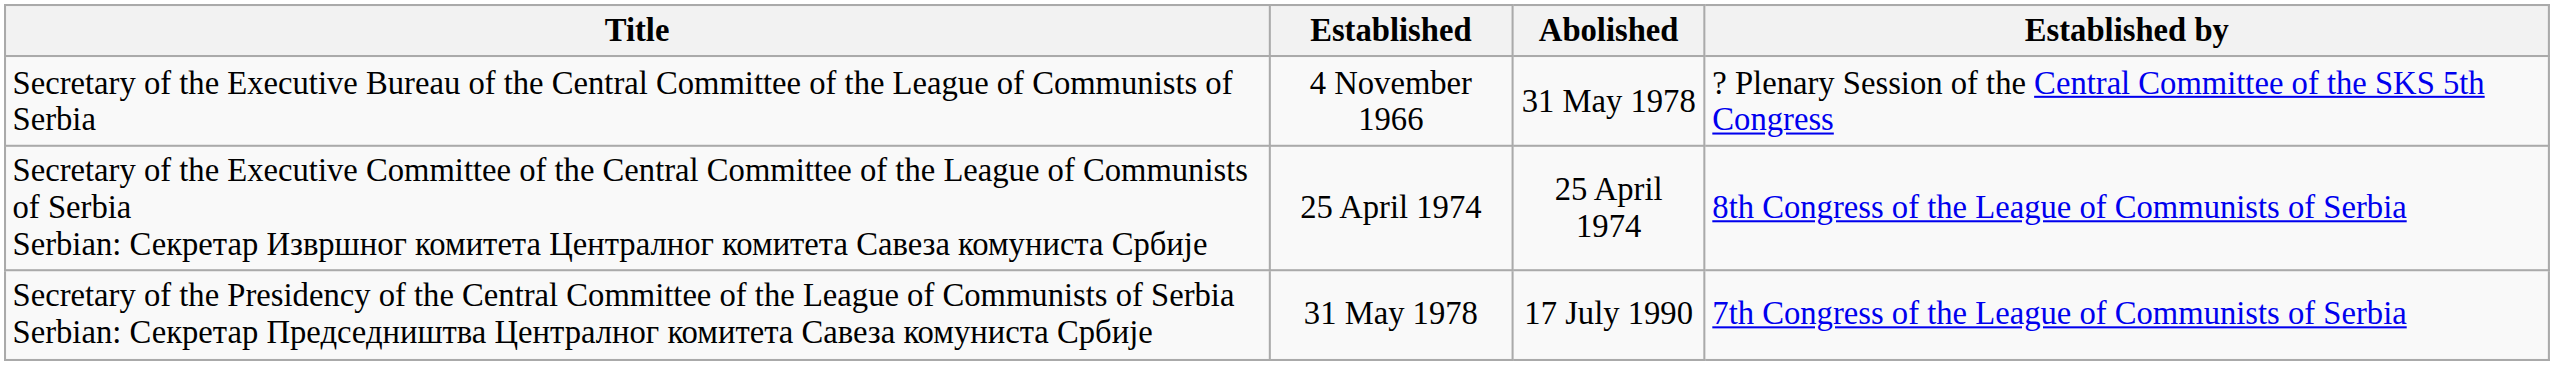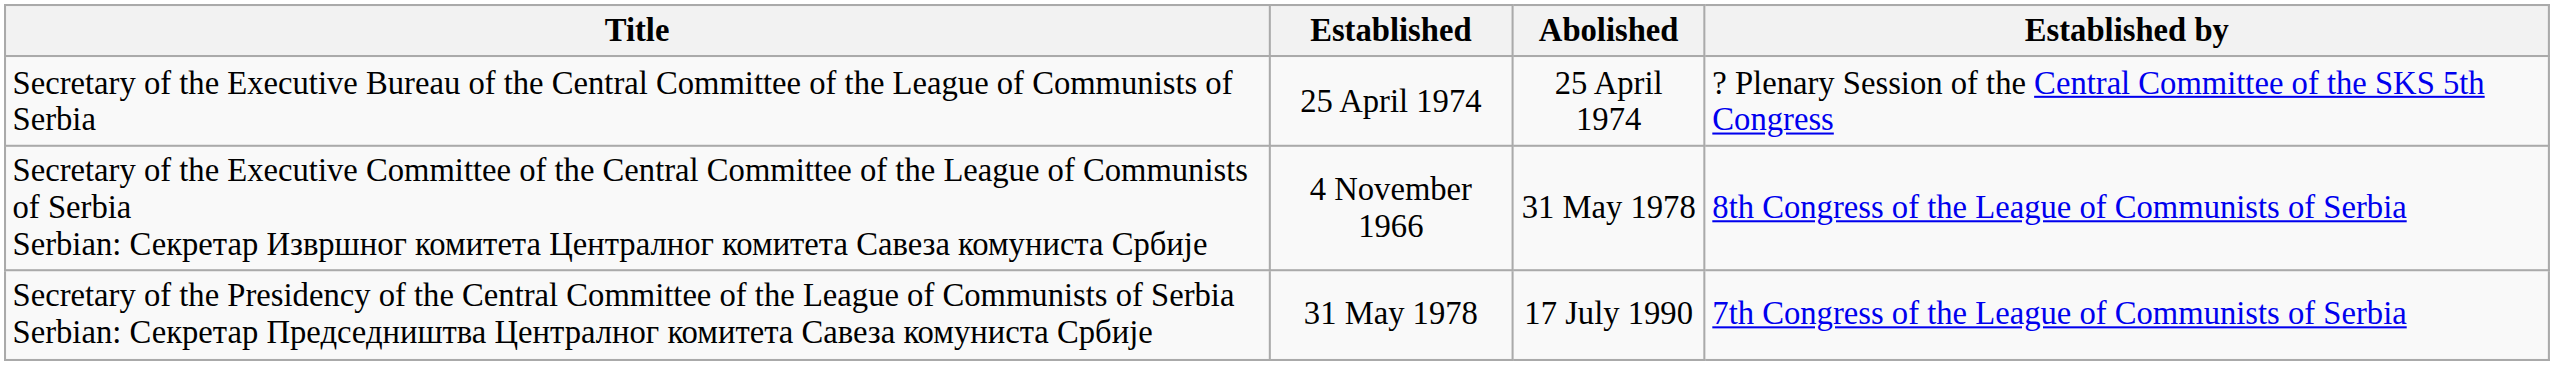 <table class="wikitable sortable">
 <tr>
 <th scope=col>Title</th>
 <th scope=col>Established</th>
 <th scope=col>Abolished</th>
 <th scope=col>Established by</th>
 </tr>
 <tr>
 <td>Secretary of the Executive Bureau of the Central Committee of the League of Communists of Serbia<br></td>
-<td align="center">4 November 1966</td>
-<td align="center">31 May 1978</td>
+<td align="center">25 April 1974</td>
+<td align="center">25 April 1974</td>
 <td>? Plenary Session of the <a href='#'>Central Committee of the SKS 5th Congress</a></td>
 </tr>
 <tr>
 <td>Secretary of the Executive Committee of the Central Committee of the League of Communists of Serbia<br>Serbian: Секретар Извршног комитета Централног комитета Савеза комуниста Србије</td>
-<td align="center">25 April 1974</td>
-<td align="center">25 April 1974</td>
+<td align="center">4 November 1966</td>
+<td align="center">31 May 1978</td>
 <td><a href='#'>8th Congress of the League of Communists of Serbia</a></td>
 </tr>
 <tr>
 <td>Secretary of the Presidency of the Central Committee of the League of Communists of Serbia<br>Serbian: Секретар Председништва Централног комитета Савеза комуниста Србије</td>
 <td align="center">31 May 1978</td>
 <td align="center">17 July 1990</td>
 <td><a href='#'>7th Congress of the League of Communists of Serbia</a></td>
 </tr>
 </table>
